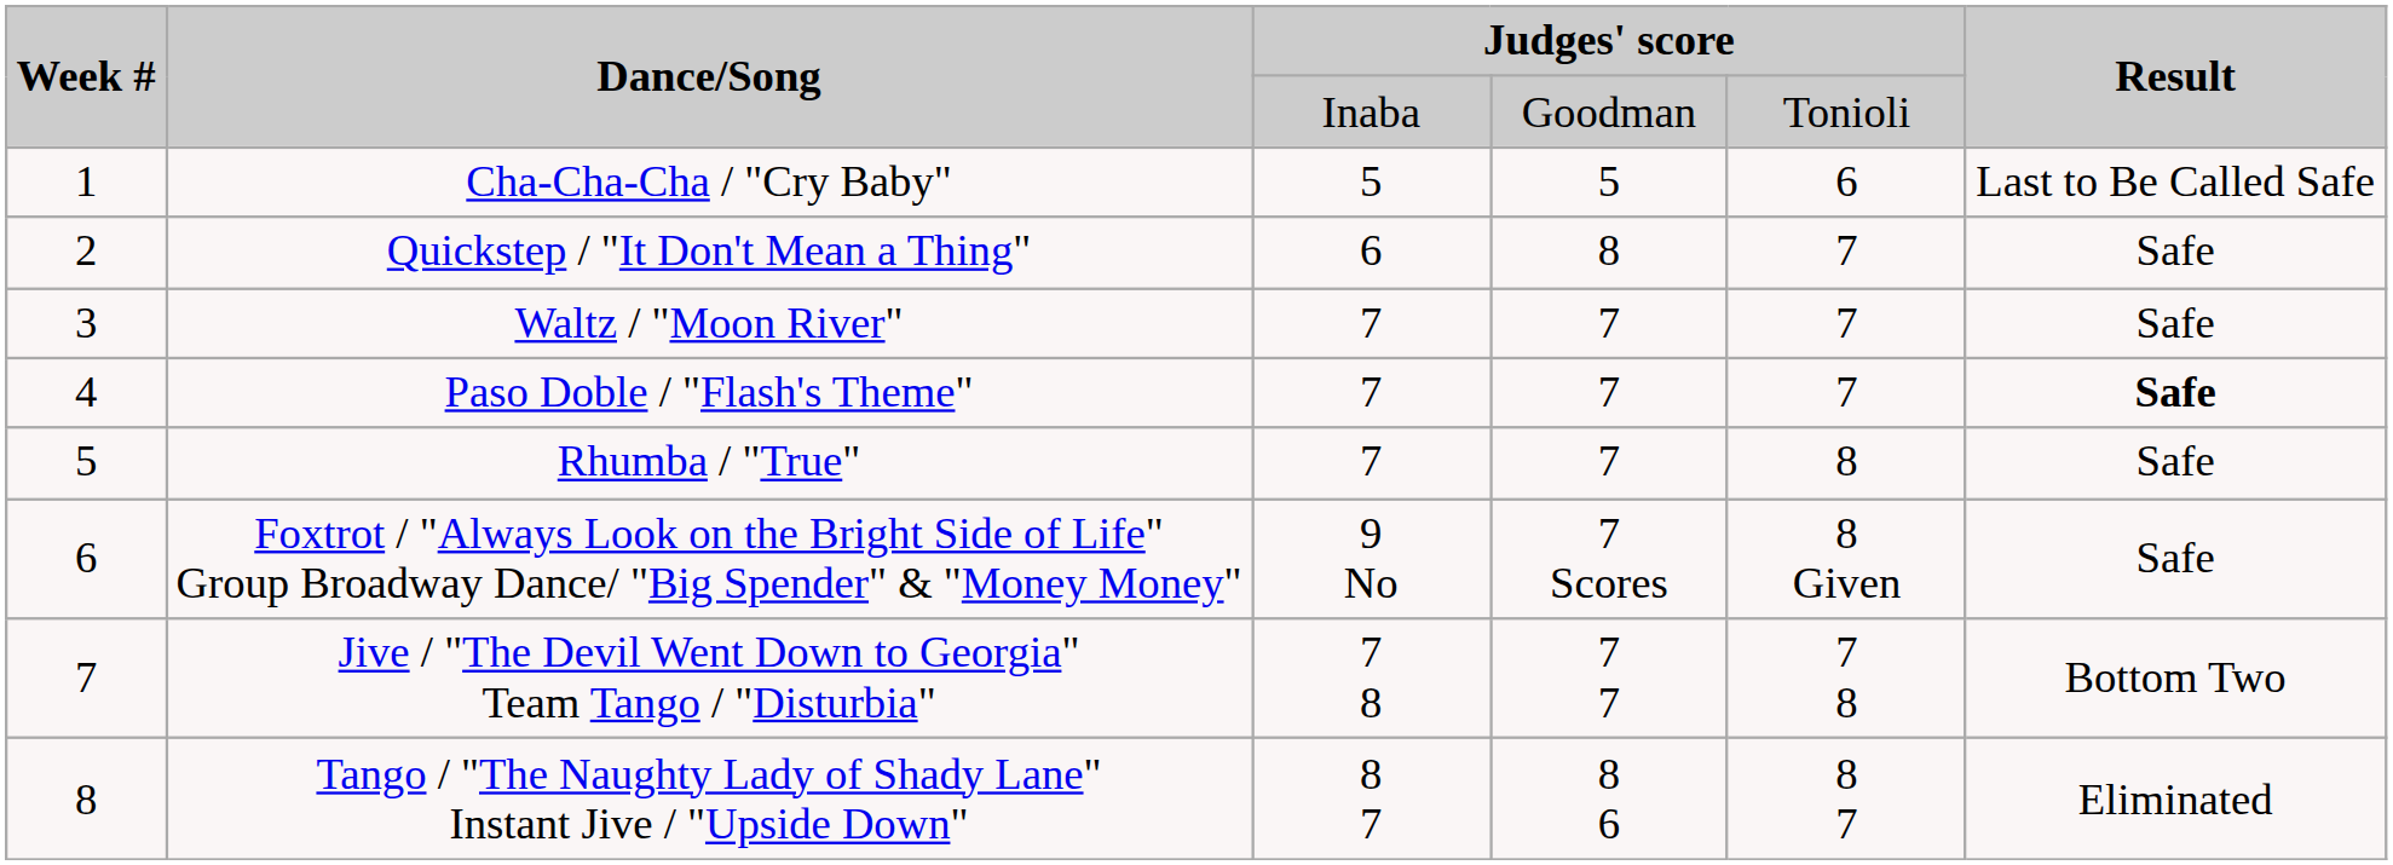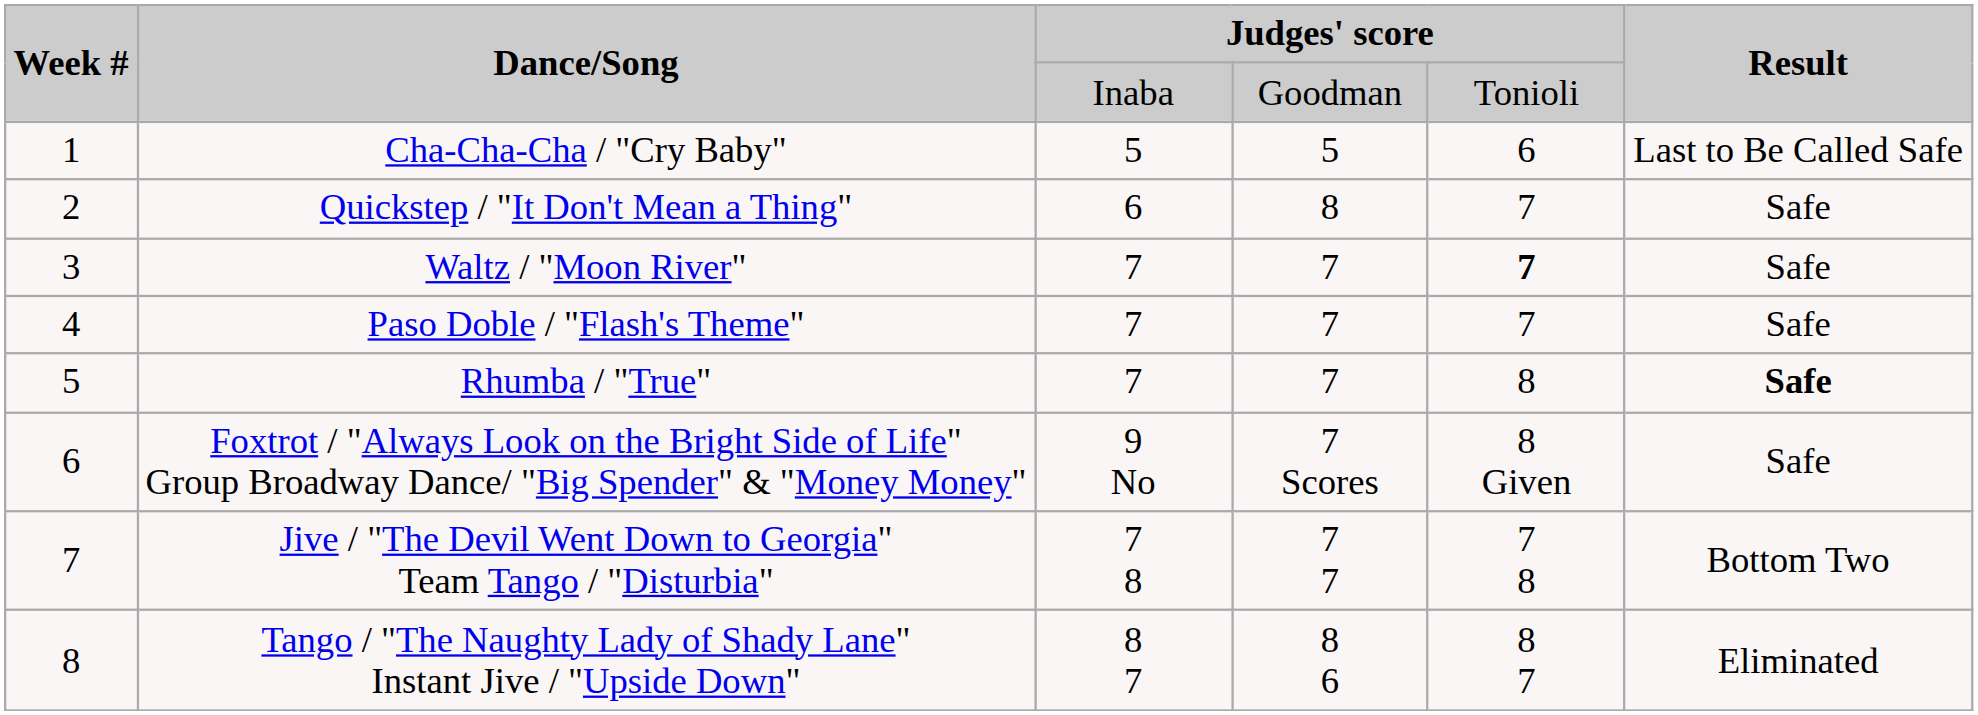 <table class="wikitable">
 <tr style="text-align: center; background:#ccc;">
 <td rowspan="2"><strong>Week #</strong></td>
 <td rowspan="2"><strong>Dance/Song</strong></td>
 <td colspan="3"><strong>Judges' score</strong></td>
 <td rowspan="2"><strong>Result</strong></td>
 </tr>
 <tr style="text-align: center; background:#ccc;">
 <td style="width:10%; ">Inaba</td>
 <td style="width:10%; ">Goodman</td>
 <td style="width:10%; ">Tonioli</td>
 </tr>
 <tr>
 <td style="text-align: center; background:#faf6f6;">1</td>
 <td style="text-align: center; background:#faf6f6;"><a href='#'>Cha-Cha-Cha</a> / "Cry Baby"</td>
 <td style="text-align: center; background:#faf6f6;">5</td>
 <td style="text-align: center; background:#faf6f6;">5</td>
 <td style="text-align: center; background:#faf6f6;">6</td>
 <td style="text-align: center; background:#faf6f6;">Last to Be Called Safe</td>
 </tr>
 <tr style="text-align: center; background:#faf6f6;">
 <td>2</td>
 <td><a href='#'>Quickstep</a> / "<a href='#'>It Don't Mean a Thing</a>"</td>
 <td>6</td>
 <td>8</td>
 <td>7</td>
 <td>Safe</td>
 </tr>
 <tr style="text-align:center; text-align:center; background:#faf6f6; background:#faf6f6;">
 <td>3</td>
 <td><a href='#'>Waltz</a> / "<a href='#'>Moon River</a>"</td>
 <td>7</td>
 <td>7</td>
-<td>7</td>
+<td><strong>7</strong></td>
 <td>Safe</td>
 </tr>
 <tr style="text-align:center; text-align:center; background:#faf6f6; background:#faf6f6;">
 <td>4</td>
 <td><a href='#'>Paso Doble</a> / "<a href='#'>Flash's Theme</a>"</td>
 <td>7</td>
 <td>7</td>
 <td>7</td>
-<td><strong>Safe</strong></td>
+<td>Safe</td>
 </tr>
 <tr style="text-align: center; background:#faf6f6;">
 <td>5</td>
 <td><a href='#'>Rhumba</a> / "<a href='#'>True</a>"</td>
 <td>7</td>
 <td>7</td>
 <td>8</td>
-<td>Safe</td>
+<td><strong>Safe</strong></td>
 </tr>
 <tr style="text-align:center; text-align:center; background:#faf6f6; background:#faf6f6;">
 <td>6</td>
 <td><a href='#'>Foxtrot</a> / "<a href='#'>Always Look on the Bright Side of Life</a>" <br> Group Broadway Dance/ "<a href='#'>Big Spender</a>" & "<a href='#'>Money Money</a>"</td>
 <td>9 <br> No</td>
 <td>7 <br> Scores</td>
 <td>8 <br> Given</td>
 <td>Safe</td>
 </tr>
 <tr>
 <td style="text-align: center; background:#faf6f6;">7</td>
 <td style="text-align: center; background:#faf6f6;"><a href='#'>Jive</a> / "<a href='#'>The Devil Went Down to Georgia</a>" <br> Team <a href='#'>Tango</a> / "<a href='#'>Disturbia</a>"</td>
 <td style="text-align: center; background:#faf6f6;">7 <br> 8</td>
 <td style="text-align: center; background:#faf6f6;">7 <br> 7</td>
 <td style="text-align: center; background:#faf6f6;">7 <br> 8</td>
 <td style="text-align: center; background:#faf6f6;">Bottom Two</td>
 </tr>
 <tr>
 <td style="text-align: center; background:#faf6f6;">8</td>
 <td style="text-align: center; background:#faf6f6;"><a href='#'>Tango</a> / "<a href='#'>The Naughty Lady of Shady Lane</a>" <br> Instant Jive / "<a href='#'>Upside Down</a>"</td>
 <td style="text-align: center; background:#faf6f6;">8 <br> 7</td>
 <td style="text-align: center; background:#faf6f6;">8 <br> 6</td>
 <td style="text-align: center; background:#faf6f6;">8 <br> 7</td>
 <td style="text-align: center; background:#faf6f6;">Eliminated</td>
 </tr>
 </table>
